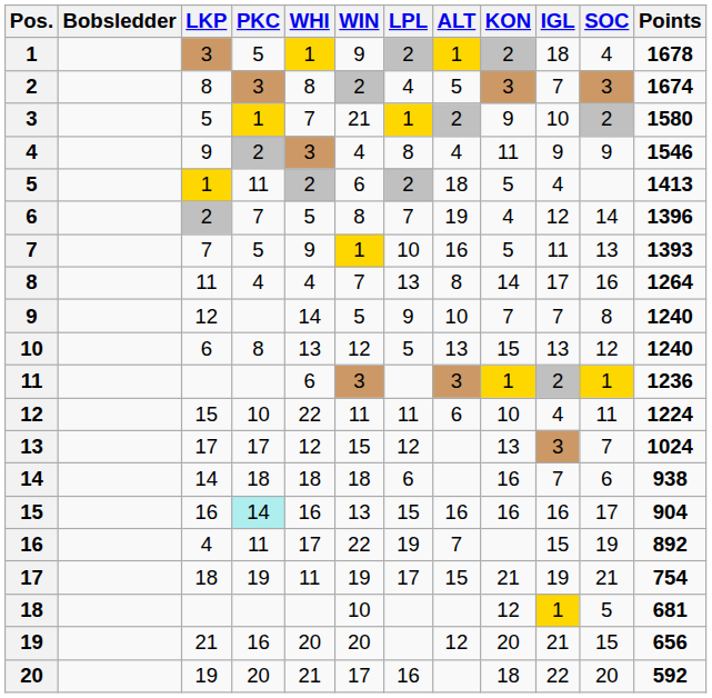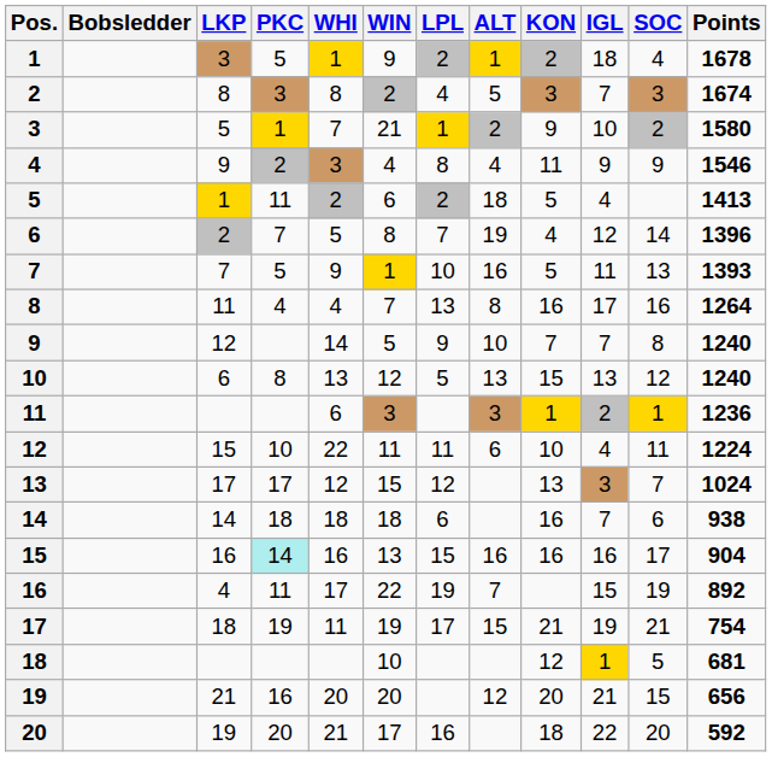 <table class="wikitable sortable plainrowheaders" style="text-align:center;">
 <tr>
 <th scope="col">Pos.</th>
 <th scope="col">Bobsledder</th>
 <th scope="col"><a href='#'>LKP</a></th>
 <th scope="col"><a href='#'>PKC</a></th>
 <th scope="col"><a href='#'>WHI</a></th>
 <th scope="col"><a href='#'>WIN</a></th>
 <th scope="col"><a href='#'>LPL</a></th>
 <th scope="col"><a href='#'>ALT</a></th>
 <th scope="col"><a href='#'>KON</a></th>
 <th scope="col"><a href='#'>IGL</a></th>
 <th scope="col"><a href='#'>SOC</a></th>
 <th width="45">Points</th>
 </tr>
 <tr>
 <th align="center">1</th>
 <td align="left"></td>
 <td bgcolor="cc9966">3</td>
 <td>5</td>
 <td bgcolor="gold">1</td>
 <td>9</td>
 <td bgcolor="silver">2</td>
 <td bgcolor="gold">1</td>
 <td bgcolor="silver">2</td>
 <td>18</td>
 <td>4</td>
 <td><strong>1678</strong></td>
 </tr>
 <tr>
 <th align="center">2</th>
 <td align="left"></td>
 <td>8</td>
 <td bgcolor="cc9966">3</td>
 <td>8</td>
 <td bgcolor="silver">2</td>
 <td>4</td>
 <td>5</td>
 <td bgcolor="cc9966">3</td>
 <td>7</td>
 <td bgcolor="cc9966">3</td>
 <td><strong>1674</strong></td>
 </tr>
 <tr>
 <th align="center">3</th>
 <td align="left"></td>
 <td>5</td>
 <td bgcolor="gold">1</td>
 <td>7</td>
 <td>21</td>
 <td bgcolor="gold">1</td>
 <td bgcolor="silver">2</td>
 <td>9</td>
 <td>10</td>
 <td bgcolor="silver">2</td>
 <td><strong>1580</strong></td>
 </tr>
 <tr>
 <th align="center">4</th>
 <td align="left"></td>
 <td>9</td>
 <td bgcolor="silver">2</td>
 <td bgcolor="cc9966">3</td>
 <td>4</td>
 <td>8</td>
 <td>4</td>
 <td>11</td>
 <td>9</td>
 <td>9</td>
 <td><strong>1546</strong></td>
 </tr>
 <tr>
 <th align="center">5</th>
 <td align="left"></td>
 <td bgcolor="gold">1</td>
 <td>11</td>
 <td bgcolor="silver">2</td>
 <td>6</td>
 <td bgcolor="silver">2</td>
 <td>18</td>
 <td>5</td>
 <td>4</td>
 <td></td>
 <td><strong>1413</strong></td>
 </tr>
 <tr>
 <th align="center">6</th>
 <td align="left"></td>
 <td bgcolor="silver">2</td>
 <td>7</td>
 <td>5</td>
 <td>8</td>
 <td>7</td>
 <td>19</td>
 <td>4</td>
 <td>12</td>
 <td>14</td>
 <td><strong>1396</strong></td>
 </tr>
 <tr>
 <th align="center">7</th>
 <td align="left"></td>
 <td>7</td>
 <td>5</td>
 <td>9</td>
 <td bgcolor="gold">1</td>
 <td>10</td>
 <td>16</td>
 <td>5</td>
 <td>11</td>
 <td>13</td>
 <td><strong>1393</strong></td>
 </tr>
 <tr>
 <th align="center">8</th>
 <td align="left"></td>
 <td>11</td>
 <td>4</td>
 <td>4</td>
 <td>7</td>
 <td>13</td>
 <td>8</td>
-<td>14</td>
+<td>16</td>
 <td>17</td>
 <td>16</td>
 <td><strong>1264</strong></td>
 </tr>
 <tr>
 <th align="center">9</th>
 <td align="left"></td>
 <td>12</td>
 <td></td>
 <td>14</td>
 <td>5</td>
 <td>9</td>
 <td>10</td>
 <td>7</td>
 <td>7</td>
 <td>8</td>
 <td><strong>1240</strong></td>
 </tr>
 <tr>
 <th align="center">10</th>
 <td align="left"></td>
 <td>6</td>
 <td>8</td>
 <td>13</td>
 <td>12</td>
 <td>5</td>
 <td>13</td>
 <td>15</td>
 <td>13</td>
 <td>12</td>
 <td><strong>1240</strong></td>
 </tr>
 <tr>
 <th align="center">11</th>
 <td align="left"></td>
 <td></td>
 <td></td>
 <td>6</td>
 <td bgcolor="cc9966">3</td>
 <td></td>
 <td bgcolor="cc9966">3</td>
 <td bgcolor="gold">1</td>
 <td bgcolor="silver">2</td>
 <td bgcolor="gold">1</td>
 <td><strong>1236</strong></td>
 </tr>
 <tr>
 <th align="center">12</th>
 <td align="left"></td>
 <td>15</td>
 <td>10</td>
 <td>22</td>
 <td>11</td>
 <td>11</td>
 <td>6</td>
 <td>10</td>
 <td>4</td>
 <td>11</td>
 <td><strong>1224</strong></td>
 </tr>
 <tr>
 <th align="center">13</th>
 <td align="left"></td>
 <td>17</td>
 <td>17</td>
 <td>12</td>
 <td>15</td>
 <td>12</td>
 <td></td>
 <td>13</td>
 <td bgcolor="cc9966">3</td>
 <td>7</td>
 <td><strong>1024</strong></td>
 </tr>
 <tr>
 <th align="center">14</th>
 <td align="left"></td>
 <td>14</td>
 <td>18</td>
 <td>18</td>
 <td>18</td>
 <td>6</td>
 <td></td>
 <td>16</td>
 <td>7</td>
 <td>6</td>
 <td><strong>938</strong></td>
 </tr>
 <tr>
 <th align="center">15</th>
 <td align="left"></td>
 <td>16</td>
 <td style="background: paleturquoise;">14</td>
 <td>16</td>
 <td>13</td>
 <td>15</td>
 <td>16</td>
 <td>16</td>
 <td>16</td>
 <td>17</td>
 <td><strong>904</strong></td>
 </tr>
 <tr>
 <th align="center">16</th>
 <td align="left"></td>
 <td>4</td>
 <td>11</td>
 <td>17</td>
 <td>22</td>
 <td>19</td>
 <td>7</td>
 <td></td>
 <td>15</td>
 <td>19</td>
 <td><strong>892</strong></td>
 </tr>
 <tr>
 <th align="center">17</th>
 <td align="left"></td>
 <td>18</td>
 <td>19</td>
 <td>11</td>
 <td>19</td>
 <td>17</td>
 <td>15</td>
 <td>21</td>
 <td>19</td>
 <td>21</td>
 <td><strong>754</strong></td>
 </tr>
 <tr>
 <th align="center">18</th>
 <td align="left"></td>
 <td></td>
 <td></td>
 <td></td>
 <td>10</td>
 <td></td>
 <td></td>
 <td>12</td>
 <td bgcolor="gold">1</td>
 <td>5</td>
 <td><strong>681</strong></td>
 </tr>
 <tr>
 <th align="center">19</th>
 <td align="left"></td>
 <td>21</td>
 <td>16</td>
 <td>20</td>
 <td>20</td>
 <td></td>
 <td>12</td>
 <td>20</td>
 <td>21</td>
 <td>15</td>
 <td><strong>656</strong></td>
 </tr>
 <tr>
 <th align="center">20</th>
 <td align="left"></td>
 <td>19</td>
 <td>20</td>
 <td>21</td>
 <td>17</td>
 <td>16</td>
 <td></td>
 <td>18</td>
 <td>22</td>
 <td>20</td>
 <td><strong>592</strong></td>
 </tr>
 </table>
